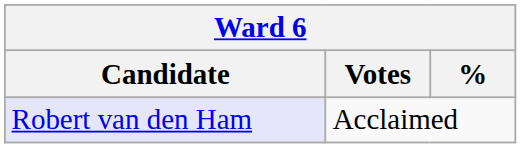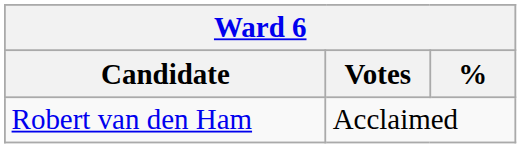 <table class="wikitable">
 <tr>
 <th colspan="3"><a href='#'>Ward 6</a></th>
 </tr>
 <tr>
 <th style="width: 170px">Candidate</th>
 <th style="width: 50px">Votes</th>
 <th style="width: 40px">%</th>
 </tr>
 <tr>
-<td style="background: lavender;"><a href='#'>Robert van den Ham</a></td>
+<td><a href='#'>Robert van den Ham</a></td>
 <td colspan="2">Acclaimed</td>
 </tr>
 </table>
